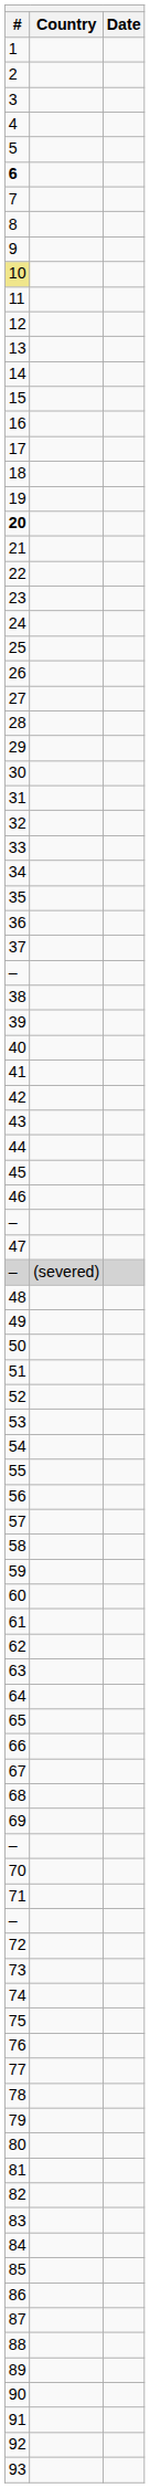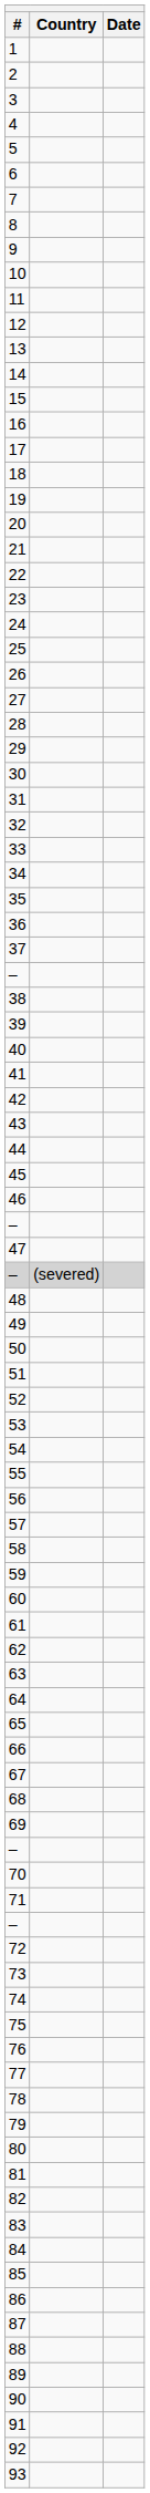 <table class="wikitable sortable">
 <tr>
 <th colspan="3"></th>
 </tr>
 <tr>
 <th>#</th>
 <th>Country</th>
 <th>Date</th>
 </tr>
 <tr>
 <td>1</td>
 <td></td>
 <td></td>
 </tr>
 <tr>
 <td>2</td>
 <td></td>
 <td></td>
 </tr>
 <tr>
 <td>3</td>
 <td></td>
 <td></td>
 </tr>
 <tr>
 <td>4</td>
 <td></td>
 <td></td>
 </tr>
 <tr>
 <td>5</td>
 <td></td>
 <td></td>
 </tr>
 <tr>
-<td><strong>6</strong></td>
+<td>6</td>
 <td></td>
 <td></td>
 </tr>
 <tr>
 <td>7</td>
 <td></td>
 <td></td>
 </tr>
 <tr>
 <td>8</td>
 <td></td>
 <td></td>
 </tr>
 <tr>
 <td>9</td>
 <td></td>
 <td></td>
 </tr>
 <tr>
-<td style="background: khaki;">10</td>
+<td>10</td>
 <td></td>
 <td></td>
 </tr>
 <tr>
 <td>11</td>
 <td></td>
 <td></td>
 </tr>
 <tr>
 <td>12</td>
 <td></td>
 <td></td>
 </tr>
 <tr>
 <td>13</td>
 <td></td>
 <td></td>
 </tr>
 <tr>
 <td>14</td>
 <td></td>
 <td></td>
 </tr>
 <tr>
 <td>15</td>
 <td></td>
 <td></td>
 </tr>
 <tr>
 <td>16</td>
 <td></td>
 <td></td>
 </tr>
 <tr>
 <td>17</td>
 <td></td>
 <td></td>
 </tr>
 <tr>
 <td>18</td>
 <td></td>
 <td></td>
 </tr>
 <tr>
 <td>19</td>
 <td></td>
 <td></td>
 </tr>
 <tr>
-<td><strong>20</strong></td>
+<td>20</td>
 <td></td>
 <td></td>
 </tr>
 <tr>
 <td>21</td>
 <td></td>
 <td></td>
 </tr>
 <tr>
 <td>22</td>
 <td></td>
 <td></td>
 </tr>
 <tr>
 <td>23</td>
 <td></td>
 <td></td>
 </tr>
 <tr>
 <td>24</td>
 <td></td>
 <td></td>
 </tr>
 <tr>
 <td>25</td>
 <td></td>
 <td></td>
 </tr>
 <tr>
 <td>26</td>
 <td></td>
 <td></td>
 </tr>
 <tr>
 <td>27</td>
 <td></td>
 <td></td>
 </tr>
 <tr>
 <td>28</td>
 <td></td>
 <td></td>
 </tr>
 <tr>
 <td>29</td>
 <td></td>
 <td></td>
 </tr>
 <tr>
 <td>30</td>
 <td></td>
 <td></td>
 </tr>
 <tr>
 <td>31</td>
 <td></td>
 <td></td>
 </tr>
 <tr>
 <td>32</td>
 <td></td>
 <td></td>
 </tr>
 <tr>
 <td>33</td>
 <td></td>
 <td></td>
 </tr>
 <tr>
 <td>34</td>
 <td></td>
 <td></td>
 </tr>
 <tr>
 <td>35</td>
 <td></td>
 <td></td>
 </tr>
 <tr>
 <td>36</td>
 <td></td>
 <td></td>
 </tr>
 <tr>
 <td>37</td>
 <td></td>
 <td></td>
 </tr>
 <tr>
 <td>–</td>
 <td></td>
 <td></td>
 </tr>
 <tr>
 <td>38</td>
 <td></td>
 <td></td>
 </tr>
 <tr>
 <td>39</td>
 <td></td>
 <td></td>
 </tr>
 <tr>
 <td>40</td>
 <td></td>
 <td></td>
 </tr>
 <tr>
 <td>41</td>
 <td></td>
 <td></td>
 </tr>
 <tr>
 <td>42</td>
 <td></td>
 <td></td>
 </tr>
 <tr>
 <td>43</td>
 <td></td>
 <td></td>
 </tr>
 <tr>
 <td>44</td>
 <td></td>
 <td></td>
 </tr>
 <tr>
 <td>45</td>
 <td></td>
 <td></td>
 </tr>
 <tr>
 <td>46</td>
 <td></td>
 <td></td>
 </tr>
 <tr>
 <td>–</td>
 <td></td>
 <td></td>
 </tr>
 <tr>
 <td>47</td>
 <td></td>
 <td></td>
 </tr>
 <tr style="background:#D3D3D3">
 <td>–</td>
 <td> (severed)</td>
 <td></td>
 </tr>
 <tr>
 <td>48</td>
 <td></td>
 <td></td>
 </tr>
 <tr +>
 <td>49</td>
 <td></td>
 <td></td>
 </tr>
 <tr>
 <td>50</td>
 <td></td>
 <td></td>
 </tr>
 <tr>
 <td>51</td>
 <td></td>
 <td></td>
 </tr>
 <tr>
 <td>52</td>
 <td></td>
 <td></td>
 </tr>
 <tr +>
 <td>53</td>
 <td></td>
 <td></td>
 </tr>
 <tr>
 <td>54</td>
 <td></td>
 <td></td>
 </tr>
 <tr>
 <td>55</td>
 <td></td>
 <td></td>
 </tr>
 <tr +>
 <td>56</td>
 <td></td>
 <td></td>
 </tr>
 <tr +>
 <td>57</td>
 <td></td>
 <td></td>
 </tr>
 <tr +>
 <td>58</td>
 <td></td>
 <td></td>
 </tr>
 <tr +>
 <td>59</td>
 <td></td>
 <td></td>
 </tr>
 <tr +>
 <td>60</td>
 <td></td>
 <td></td>
 </tr>
 <tr +>
 <td>61</td>
 <td></td>
 <td></td>
 </tr>
 <tr>
 <td>62</td>
 <td></td>
 <td></td>
 </tr>
 <tr +>
 <td>63</td>
 <td></td>
 <td></td>
 </tr>
 <tr +>
 <td>64</td>
 <td></td>
 <td></td>
 </tr>
 <tr>
 <td>65</td>
 <td></td>
 <td></td>
 </tr>
 <tr +>
 <td>66</td>
 <td></td>
 <td></td>
 </tr>
 <tr>
 <td>67</td>
 <td></td>
 <td></td>
 </tr>
 <tr>
 <td>68</td>
 <td></td>
 <td></td>
 </tr>
 <tr>
 <td>69</td>
 <td></td>
 <td></td>
 </tr>
 <tr>
 <td>–</td>
 <td></td>
 <td></td>
 </tr>
 <tr +>
 <td>70</td>
 <td></td>
 <td></td>
 </tr>
 <tr +>
 <td>71</td>
 <td></td>
 <td></td>
 </tr>
 <tr>
 <td>–</td>
 <td></td>
 <td></td>
 </tr>
 <tr +>
 <td>72</td>
 <td></td>
 <td></td>
 </tr>
 <tr>
 <td>73</td>
 <td></td>
 <td></td>
 </tr>
 <tr>
 <td>74</td>
 <td></td>
 <td></td>
 </tr>
 <tr +>
 <td>75</td>
 <td></td>
 <td></td>
 </tr>
 <tr>
 <td>76</td>
 <td></td>
 <td></td>
 </tr>
 <tr>
 <td>77</td>
 <td></td>
 <td></td>
 </tr>
 <tr>
 <td>78</td>
 <td></td>
 <td></td>
 </tr>
 <tr>
 <td>79</td>
 <td></td>
 <td></td>
 </tr>
 <tr>
 <td>80</td>
 <td></td>
 <td></td>
 </tr>
 <tr>
 <td>81</td>
 <td></td>
 <td></td>
 </tr>
 <tr +>
 <td>82</td>
 <td></td>
 <td></td>
 </tr>
 <tr +>
 <td>83</td>
 <td></td>
 <td></td>
 </tr>
 <tr>
 <td>84</td>
 <td></td>
 <td></td>
 </tr>
 <tr +>
 <td>85</td>
 <td></td>
 <td></td>
 </tr>
 <tr +>
 <td>86</td>
 <td></td>
 <td></td>
 </tr>
 <tr +>
 <td>87</td>
 <td></td>
 <td></td>
 </tr>
 <tr>
 <td>88</td>
 <td></td>
 <td></td>
 </tr>
 <tr>
 <td>89</td>
 <td></td>
 <td></td>
 </tr>
 <tr>
 <td>90</td>
 <td></td>
 <td></td>
 </tr>
 <tr>
 <td>91</td>
 <td></td>
 <td></td>
 </tr>
 <tr>
 <td>92</td>
 <td></td>
 <td></td>
 </tr>
 <tr>
 <td>93</td>
 <td></td>
 <td></td>
 </tr>
 </table>
